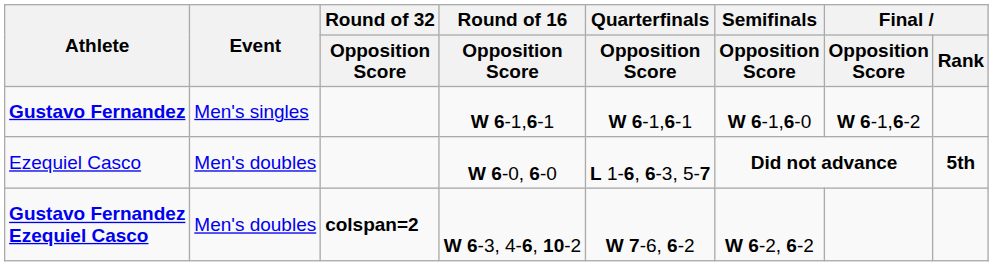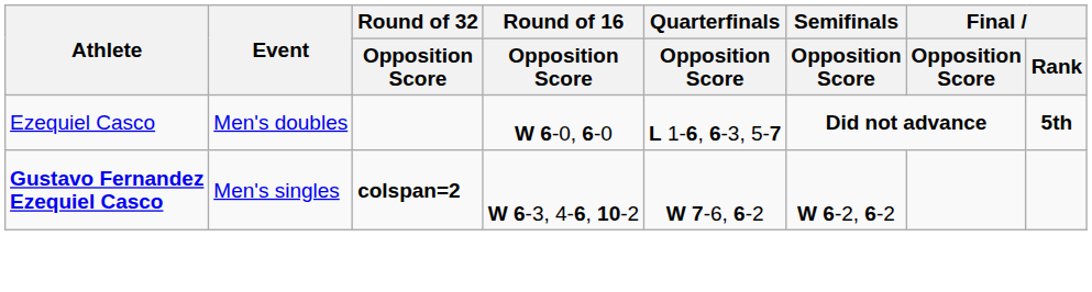 <table class="wikitable" border="1" style="font-size:90%">
 <tr>
 <th rowspan=2>Athlete</th>
 <th rowspan=2>Event</th>
 <th>Round of 32</th>
 <th>Round of 16</th>
 <th>Quarterfinals</th>
 <th>Semifinals</th>
 <th colspan=2>Final / </th>
 </tr>
 <tr>
 <th>Opposition<br>Score</th>
 <th>Opposition<br>Score</th>
 <th>Opposition<br>Score</th>
 <th>Opposition<br>Score</th>
 <th>Opposition<br>Score</th>
 <th>Rank</th>
 </tr>
 <tr>
-<td><strong><a href='#'>Gustavo Fernandez</a></strong></td>
-<td><a href='#'>Men's singles</a></td>
-<td></td>
-<td align=center><br><strong>W</strong> <strong>6</strong>-1,<strong>6</strong>-1</td>
-<td align=center><br><strong>W</strong> <strong>6</strong>-1,<strong>6</strong>-1</td>
-<td align=center><br><strong>W</strong> <strong>6</strong>-1,<strong>6</strong>-0</td>
-<td align=center><br><strong>W</strong> <strong>6</strong>-1,<strong>6</strong>-2</td>
-<td align=center></td>
-</tr>
-<tr>
 <td><a href='#'>Ezequiel Casco</a></td>
 <td><a href='#'>Men's doubles</a></td>
 <td></td>
 <td align=center><br><strong>W</strong> <strong>6</strong>-0, <strong>6</strong>-0</td>
 <td align=center><br><strong>L</strong> 1-<strong>6</strong>, <strong>6</strong>-3, 5-<strong>7</strong></td>
 <td align=center colspan=2><strong>Did not advance</strong></td>
 <td align=center><strong>5th</strong></td>
 </tr>
 <tr>
 <td><strong><a href='#'>Gustavo Fernandez</a><br><a href='#'>Ezequiel Casco</a></strong></td>
-<td><a href='#'>Men's doubles</a></td>
+<td><a href='#'>Men's singles</a></td>
 <td><strong>colspan=2 </strong></td>
 <td align=center><br><br><strong>W</strong> <strong>6</strong>-3, 4-<strong>6</strong>, <strong>10</strong>-2</td>
 <td align=center><br><br><strong>W</strong> <strong>7</strong>-6, <strong>6</strong>-2</td>
 <td align=center><br><br><strong>W</strong> <strong>6</strong>-2, <strong>6</strong>-2</td>
 <td align=center></td>
 </tr>
 </table>
